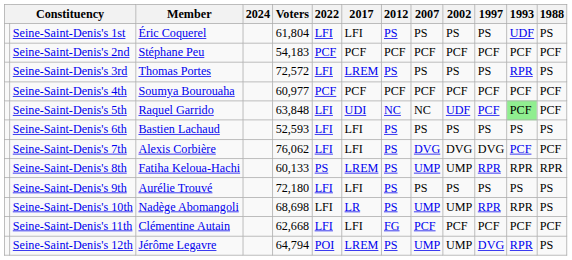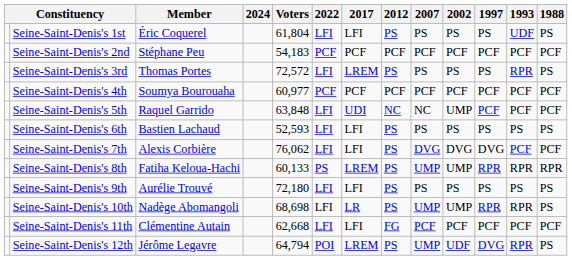 <table class="wikitable sortable">
 <tr>
 <th colspan="2">Constituency</th>
 <th>Member</th>
 <th>2024</th>
 <th>Voters</th>
 <th>2022</th>
 <th>2017</th>
 <th>2012</th>
 <th>2007</th>
 <th>2002</th>
 <th>1997</th>
 <th>1993</th>
 <th>1988</th>
 </tr>
 <tr>
 <td style="background-color: "></td>
 <td><a href='#'>Seine-Saint-Denis's 1st</a></td>
 <td><a href='#'>Éric Coquerel</a></td>
 <td></td>
 <td>61,804</td>
 <td><a href='#'>LFI</a></td>
 <td>LFI</td>
 <td><a href='#'>PS</a></td>
 <td>PS</td>
 <td>PS</td>
 <td>PS</td>
 <td><a href='#'>UDF</a></td>
 <td>PS</td>
 </tr>
 <tr>
 <td style="background-color: "></td>
 <td><a href='#'>Seine-Saint-Denis's 2nd</a></td>
 <td><a href='#'>Stéphane Peu</a></td>
 <td></td>
 <td>54,183</td>
 <td><a href='#'>PCF</a></td>
 <td>PCF</td>
 <td>PCF</td>
 <td>PCF</td>
 <td>PCF</td>
 <td>PCF</td>
 <td>PCF</td>
 <td>PCF</td>
 </tr>
 <tr>
 <td style="background-color: "></td>
 <td><a href='#'>Seine-Saint-Denis's 3rd</a></td>
 <td><a href='#'>Thomas Portes</a></td>
 <td></td>
 <td>72,572</td>
 <td><a href='#'>LFI</a></td>
 <td><a href='#'>LREM</a></td>
 <td><a href='#'>PS</a></td>
 <td>PS</td>
 <td>PS</td>
 <td>PS</td>
 <td><a href='#'>RPR</a></td>
 <td>PS</td>
 </tr>
 <tr>
 <td style="background-color: "></td>
 <td><a href='#'>Seine-Saint-Denis's 4th</a></td>
 <td><a href='#'>Soumya Bourouaha</a></td>
 <td></td>
 <td>60,977</td>
 <td><a href='#'>PCF</a></td>
 <td>PCF</td>
 <td>PCF</td>
 <td>PCF</td>
 <td>PCF</td>
 <td>PCF</td>
 <td>PCF</td>
 <td>PCF</td>
 </tr>
 <tr>
 <td style="background-color: "></td>
 <td><a href='#'>Seine-Saint-Denis's 5th</a></td>
 <td><a href='#'>Raquel Garrido</a></td>
 <td></td>
 <td>63,848</td>
 <td><a href='#'>LFI</a></td>
 <td><a href='#'>UDI</a></td>
 <td><a href='#'>NC</a></td>
 <td>NC</td>
-<td><a href='#'>UDF</a></td>
+<td>UMP</td>
 <td><a href='#'>PCF</a></td>
-<td style="background: lightgreen;">PCF</td>
+<td>PCF</td>
 <td>PCF</td>
 </tr>
 <tr>
 <td style="background-color: "></td>
 <td><a href='#'>Seine-Saint-Denis's 6th</a></td>
 <td><a href='#'>Bastien Lachaud</a></td>
 <td></td>
 <td>52,593</td>
 <td><a href='#'>LFI</a></td>
 <td>LFI</td>
 <td><a href='#'>PS</a></td>
 <td>PS</td>
 <td>PS</td>
 <td>PS</td>
 <td>PS</td>
 <td>PS</td>
 </tr>
 <tr>
 <td style="background-color: "></td>
 <td><a href='#'>Seine-Saint-Denis's 7th</a></td>
 <td><a href='#'>Alexis Corbière</a></td>
 <td></td>
 <td>76,062</td>
 <td><a href='#'>LFI</a></td>
 <td>LFI</td>
 <td><a href='#'>PS</a></td>
 <td><a href='#'>DVG</a></td>
 <td>DVG</td>
 <td>DVG</td>
 <td><a href='#'>PCF</a></td>
 <td>PCF</td>
 </tr>
 <tr>
 <td style="background-color: "></td>
 <td><a href='#'>Seine-Saint-Denis's 8th</a></td>
 <td><a href='#'>Fatiha Keloua-Hachi</a></td>
 <td></td>
 <td>60,133</td>
 <td><a href='#'>PS</a></td>
 <td><a href='#'>LREM</a></td>
 <td><a href='#'>PS</a></td>
 <td><a href='#'>UMP</a></td>
 <td>UMP</td>
 <td><a href='#'>RPR</a></td>
 <td>RPR</td>
 <td>RPR</td>
 </tr>
 <tr>
 <td style="background-color: "></td>
 <td><a href='#'>Seine-Saint-Denis's 9th</a></td>
 <td><a href='#'>Aurélie Trouvé</a></td>
 <td></td>
 <td>72,180</td>
 <td><a href='#'>LFI</a></td>
 <td>LFI</td>
 <td><a href='#'>PS</a></td>
 <td>PS</td>
 <td>PS</td>
 <td>PS</td>
 <td>PS</td>
 <td>PS</td>
 </tr>
 <tr>
 <td style="background-color: "></td>
 <td><a href='#'>Seine-Saint-Denis's 10th</a></td>
 <td><a href='#'>Nadège Abomangoli</a></td>
 <td></td>
 <td>68,698</td>
 <td>LFI</td>
 <td><a href='#'>LR</a></td>
 <td><a href='#'>PS</a></td>
 <td><a href='#'>UMP</a></td>
 <td>UMP</td>
 <td><a href='#'>RPR</a></td>
 <td>RPR</td>
 <td>PS</td>
 </tr>
 <tr>
 <td style="background-color: "></td>
 <td><a href='#'>Seine-Saint-Denis's 11th</a></td>
 <td><a href='#'>Clémentine Autain</a></td>
 <td></td>
 <td>62,668</td>
 <td><a href='#'>LFI</a></td>
 <td>LFI</td>
 <td><a href='#'>FG</a></td>
 <td><a href='#'>PCF</a></td>
 <td>PCF</td>
 <td>PCF</td>
 <td>PCF</td>
 <td>PCF</td>
 </tr>
 <tr>
 <td style="background-color: "></td>
 <td><a href='#'>Seine-Saint-Denis's 12th</a></td>
 <td><a href='#'>Jérôme Legavre</a></td>
 <td></td>
 <td>64,794</td>
 <td><a href='#'>POI</a></td>
 <td><a href='#'>LREM</a></td>
 <td><a href='#'>PS</a></td>
 <td><a href='#'>UMP</a></td>
-<td>UMP</td>
+<td><a href='#'>UDF</a></td>
 <td><a href='#'>DVG</a></td>
 <td><a href='#'>RPR</a></td>
 <td>PS</td>
 </tr>
 </table>
